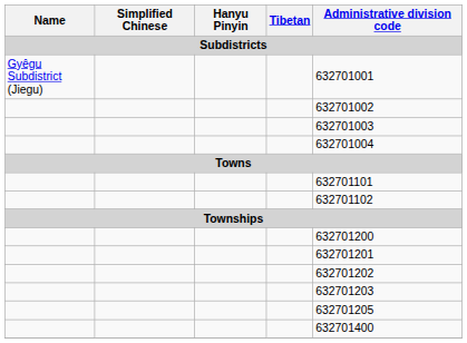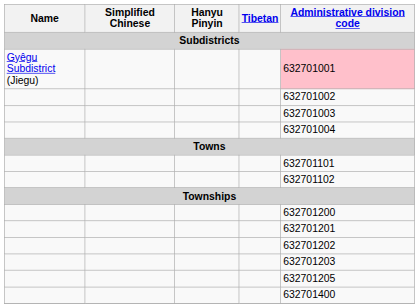 <table class="wikitable" align="center" style="width:50%; border="1">
 <tr>
 <th>Name</th>
 <th>Simplified Chinese</th>
 <th>Hanyu Pinyin</th>
 <th><a href='#'>Tibetan</a></th>
 <th><a href='#'>Administrative division code</a></th>
 </tr>
 <tr>
 <td colspan="6" style="text-align:center; background:#d3d3d3;"><strong>Subdistricts</strong></td>
 </tr>
 <tr --------->
 <td><a href='#'>Gyêgu Subdistrict</a><br>(Jiegu)</td>
 <td></td>
 <td></td>
 <td></td>
-<td>632701001</td>
+<td style="background: pink;">632701001</td>
 </tr>
 <tr>
 <td></td>
 <td></td>
 <td></td>
 <td></td>
 <td>632701002</td>
 </tr>
 <tr>
 <td></td>
 <td></td>
 <td></td>
 <td></td>
 <td>632701003</td>
 </tr>
 <tr>
 <td></td>
 <td></td>
 <td></td>
 <td></td>
 <td>632701004</td>
 </tr>
 <tr>
 <td colspan="6" style="text-align:center; background:#d3d3d3;"><strong>Towns</strong></td>
 </tr>
 <tr --------->
 <td></td>
 <td></td>
 <td></td>
 <td></td>
 <td>632701101</td>
 </tr>
 <tr>
 <td></td>
 <td></td>
 <td></td>
 <td></td>
 <td>632701102</td>
 </tr>
 <tr>
 <td colspan="6" style="text-align:center; background:#d3d3d3;"><strong>Townships</strong></td>
 </tr>
 <tr --------->
 <td></td>
 <td></td>
 <td></td>
 <td></td>
 <td>632701200</td>
 </tr>
 <tr>
 <td></td>
 <td></td>
 <td></td>
 <td></td>
 <td>632701201</td>
 </tr>
 <tr>
 <td></td>
 <td></td>
 <td></td>
 <td></td>
 <td>632701202</td>
 </tr>
 <tr>
 <td></td>
 <td></td>
 <td></td>
 <td></td>
 <td>632701203</td>
 </tr>
 <tr>
 <td></td>
 <td></td>
 <td></td>
 <td></td>
 <td>632701205</td>
 </tr>
 <tr>
 <td></td>
 <td></td>
 <td></td>
 <td></td>
 <td>632701400</td>
 </tr>
 <tr>
 </tr>
 </table>
